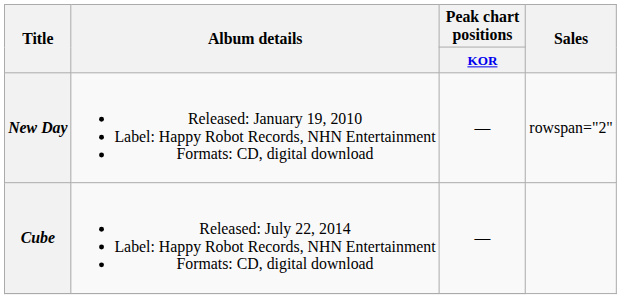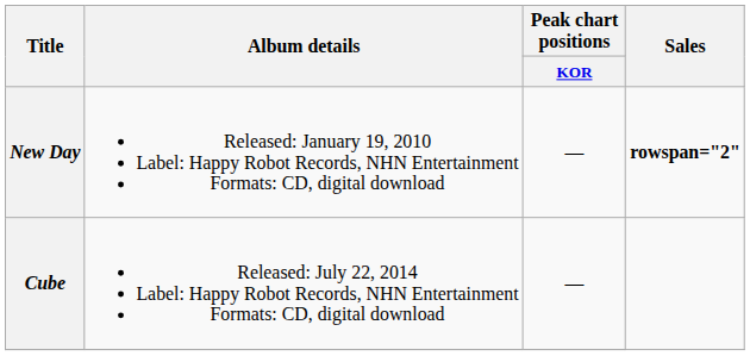 <table class="wikitable plainrowheaders" style="text-align:center;">
 <tr>
 <th scope="col" rowspan="2">Title</th>
 <th scope="col" rowspan="2">Album details</th>
 <th scope="col" colspan="1" style="width:5em;">Peak chart positions</th>
 <th scope="col" rowspan="2">Sales</th>
 </tr>
 <tr>
 <th><small><a href='#'>KOR</a></small><br></th>
 </tr>
 <tr>
 <th scope="row"><em>New Day</em></th>
 <td><br><ul><li>Released: January 19, 2010</li><li>Label: Happy Robot Records, NHN Entertainment</li><li>Formats: CD, digital download</li></ul></td>
 <td>—</td>
-<td>rowspan="2" </td>
+<td><strong>rowspan="2" </strong></td>
 </tr>
 <tr>
 <th scope="row"><em>Cube</em></th>
 <td><br><ul><li>Released: July 22, 2014</li><li>Label: Happy Robot Records, NHN Entertainment</li><li>Formats: CD, digital download</li></ul></td>
 <td>—</td>
 </tr>
 <tr>
 </tr>
 </table>
